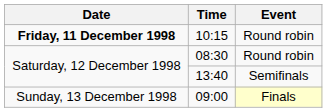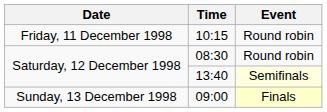 <table class = "wikitable" style="text-align:center;">
 <tr>
 <th width=220>Date</th>
 <th width=50>Time</th>
 <th width=100>Event</th>
 </tr>
 <tr>
-<td><strong>Friday, 11 December 1998</strong></td>
+<td>Friday, 11 December 1998</td>
 <td>10:15</td>
 <td>Round robin</td>
 </tr>
 <tr>
 <td rowspan=2>Saturday, 12 December 1998</td>
 <td>08:30</td>
 <td>Round robin</td>
 </tr>
 <tr>
 <td>13:40</td>
-<td>Semifinals</td>
+<td style="background: lightyellow;">Semifinals</td>
 </tr>
 <tr>
 <td>Sunday, 13 December 1998</td>
 <td>09:00</td>
 <td bgcolor=ffffcc>Finals</td>
 </tr>
 </table>
